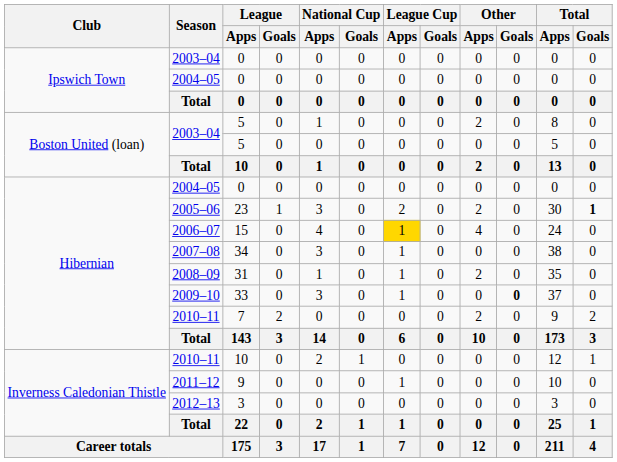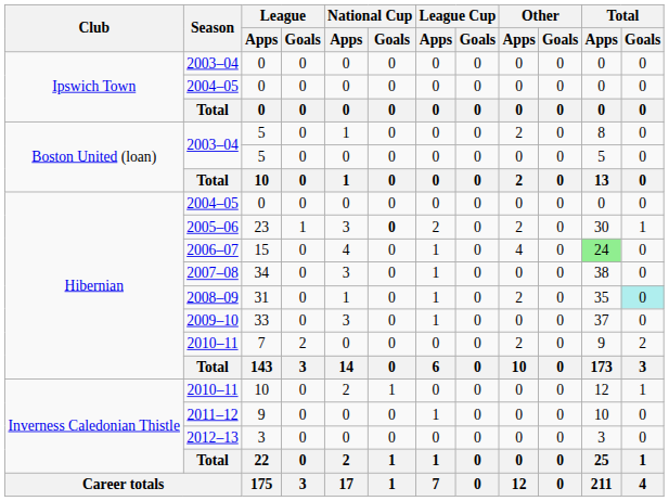 <table class="wikitable" style="text-align: center;">
 <tr>
 <th rowspan="2">Club</th>
 <th rowspan="2">Season</th>
 <th colspan="2">League</th>
 <th colspan="2">National Cup</th>
 <th colspan="2">League Cup</th>
 <th colspan="2">Other</th>
 <th colspan="2">Total</th>
 </tr>
 <tr>
 <th>Apps</th>
 <th>Goals</th>
 <th>Apps</th>
 <th>Goals</th>
 <th>Apps</th>
 <th>Goals</th>
 <th>Apps</th>
 <th>Goals</th>
 <th>Apps</th>
 <th>Goals</th>
 </tr>
 <tr>
 <td rowspan="3" valign="center"><a href='#'>Ipswich Town</a></td>
 <td><a href='#'>2003–04</a></td>
 <td>0</td>
 <td>0</td>
 <td>0</td>
 <td>0</td>
 <td>0</td>
 <td>0</td>
 <td>0</td>
 <td>0</td>
 <td>0</td>
 <td>0</td>
 </tr>
 <tr>
 <td><a href='#'>2004–05</a></td>
 <td>0</td>
 <td>0</td>
 <td>0</td>
 <td>0</td>
 <td>0</td>
 <td>0</td>
 <td>0</td>
 <td>0</td>
 <td>0</td>
 <td>0</td>
 </tr>
 <tr>
 <th>Total</th>
 <th>0</th>
 <th>0</th>
 <th>0</th>
 <th>0</th>
 <th>0</th>
 <th>0</th>
 <th>0</th>
 <th>0</th>
 <th>0</th>
 <th>0</th>
 </tr>
 <tr>
 <td rowspan="3" valign="center"><a href='#'>Boston United</a> (loan)</td>
 <td rowspan="2"><a href='#'>2003–04</a></td>
 <td>5</td>
 <td>0</td>
 <td>1</td>
 <td>0</td>
 <td>0</td>
 <td>0</td>
 <td>2</td>
 <td>0</td>
 <td>8</td>
 <td>0</td>
 </tr>
 <tr>
 <td>5</td>
 <td>0</td>
 <td>0</td>
 <td>0</td>
 <td>0</td>
 <td>0</td>
 <td>0</td>
 <td>0</td>
 <td>5</td>
 <td>0</td>
 </tr>
 <tr>
 <th>Total</th>
 <th>10</th>
 <th>0</th>
 <th>1</th>
 <th>0</th>
 <th>0</th>
 <th>0</th>
 <th>2</th>
 <th>0</th>
 <th>13</th>
 <th>0</th>
 </tr>
 <tr>
 <td rowspan="8" valign="center"><a href='#'>Hibernian</a></td>
 <td><a href='#'>2004–05</a></td>
 <td>0</td>
 <td>0</td>
 <td>0</td>
 <td>0</td>
 <td>0</td>
 <td>0</td>
 <td>0</td>
 <td>0</td>
 <td>0</td>
 <td>0</td>
 </tr>
 <tr>
 <td><a href='#'>2005–06</a></td>
 <td>23</td>
 <td>1</td>
 <td>3</td>
-<td>0</td>
+<td><strong>0</strong></td>
 <td>2</td>
 <td>0</td>
 <td>2</td>
 <td>0</td>
 <td>30</td>
-<td><strong>1</strong></td>
+<td>1</td>
 </tr>
 <tr>
 <td><a href='#'>2006–07</a></td>
 <td>15</td>
 <td>0</td>
 <td>4</td>
 <td>0</td>
-<td style="background: gold;">1</td>
+<td>1</td>
 <td>0</td>
 <td>4</td>
 <td>0</td>
-<td>24</td>
+<td style="background: lightgreen;">24</td>
 <td>0</td>
 </tr>
 <tr>
 <td><a href='#'>2007–08</a></td>
 <td>34</td>
 <td>0</td>
 <td>3</td>
 <td>0</td>
 <td>1</td>
 <td>0</td>
 <td>0</td>
 <td>0</td>
 <td>38</td>
 <td>0</td>
 </tr>
 <tr>
 <td><a href='#'>2008–09</a></td>
 <td>31</td>
 <td>0</td>
 <td>1</td>
 <td>0</td>
 <td>1</td>
 <td>0</td>
 <td>2</td>
 <td>0</td>
 <td>35</td>
-<td>0</td>
+<td style="background: paleturquoise;">0</td>
 </tr>
 <tr>
 <td><a href='#'>2009–10</a></td>
 <td>33</td>
 <td>0</td>
 <td>3</td>
 <td>0</td>
 <td>1</td>
 <td>0</td>
 <td>0</td>
-<td><strong>0</strong></td>
+<td>0</td>
 <td>37</td>
 <td>0</td>
 </tr>
 <tr>
 <td><a href='#'>2010–11</a></td>
 <td>7</td>
 <td>2</td>
 <td>0</td>
 <td>0</td>
 <td>0</td>
 <td>0</td>
 <td>2</td>
 <td>0</td>
 <td>9</td>
 <td>2</td>
 </tr>
 <tr>
 <th>Total</th>
 <th>143</th>
 <th>3</th>
 <th>14</th>
 <th>0</th>
 <th>6</th>
 <th>0</th>
 <th>10</th>
 <th>0</th>
 <th>173</th>
 <th>3</th>
 </tr>
 <tr>
 <td rowspan="4" valign="center"><a href='#'>Inverness Caledonian Thistle</a></td>
 <td><a href='#'>2010–11</a></td>
 <td>10</td>
 <td>0</td>
 <td>2</td>
 <td>1</td>
 <td>0</td>
 <td>0</td>
 <td>0</td>
 <td>0</td>
 <td>12</td>
 <td>1</td>
 </tr>
 <tr>
 <td><a href='#'>2011–12</a></td>
 <td>9</td>
 <td>0</td>
 <td>0</td>
 <td>0</td>
 <td>1</td>
 <td>0</td>
 <td>0</td>
 <td>0</td>
 <td>10</td>
 <td>0</td>
 </tr>
 <tr>
 <td><a href='#'>2012–13</a></td>
 <td>3</td>
 <td>0</td>
 <td>0</td>
 <td>0</td>
 <td>0</td>
 <td>0</td>
 <td>0</td>
 <td>0</td>
 <td>3</td>
 <td>0</td>
 </tr>
 <tr>
 <th>Total</th>
 <th>22</th>
 <th>0</th>
 <th>2</th>
 <th>1</th>
 <th>1</th>
 <th>0</th>
 <th>0</th>
 <th>0</th>
 <th>25</th>
 <th>1</th>
 </tr>
 <tr>
 <th colspan="2">Career totals</th>
 <th>175</th>
 <th>3</th>
 <th>17</th>
 <th>1</th>
 <th>7</th>
 <th>0</th>
 <th>12</th>
 <th>0</th>
 <th>211</th>
 <th>4</th>
 </tr>
 </table>
